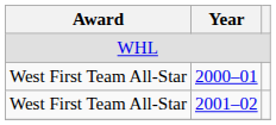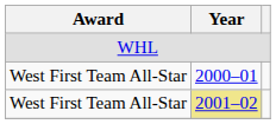 <table class="wikitable">
 <tr>
 <th>Award</th>
 <th>Year</th>
 <th></th>
 </tr>
 <tr ALIGN="center" bgcolor="#e0e0e0">
 <td colspan="3"><a href='#'>WHL</a></td>
 </tr>
 <tr>
 <td>West First Team All-Star</td>
 <td><a href='#'>2000–01</a></td>
 <td></td>
 </tr>
 <tr>
 <td>West First Team All-Star</td>
-<td><a href='#'>2001–02</a></td>
+<td style="background: khaki;"><a href='#'>2001–02</a></td>
 <td></td>
 </tr>
 <tr>
 </tr>
 </table>
